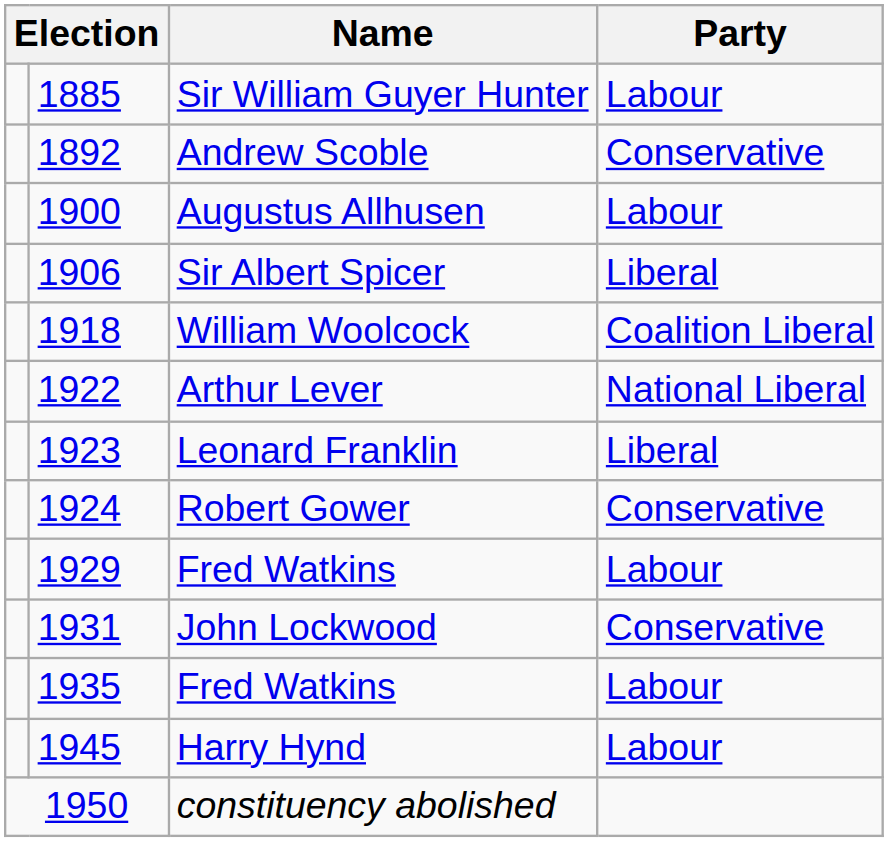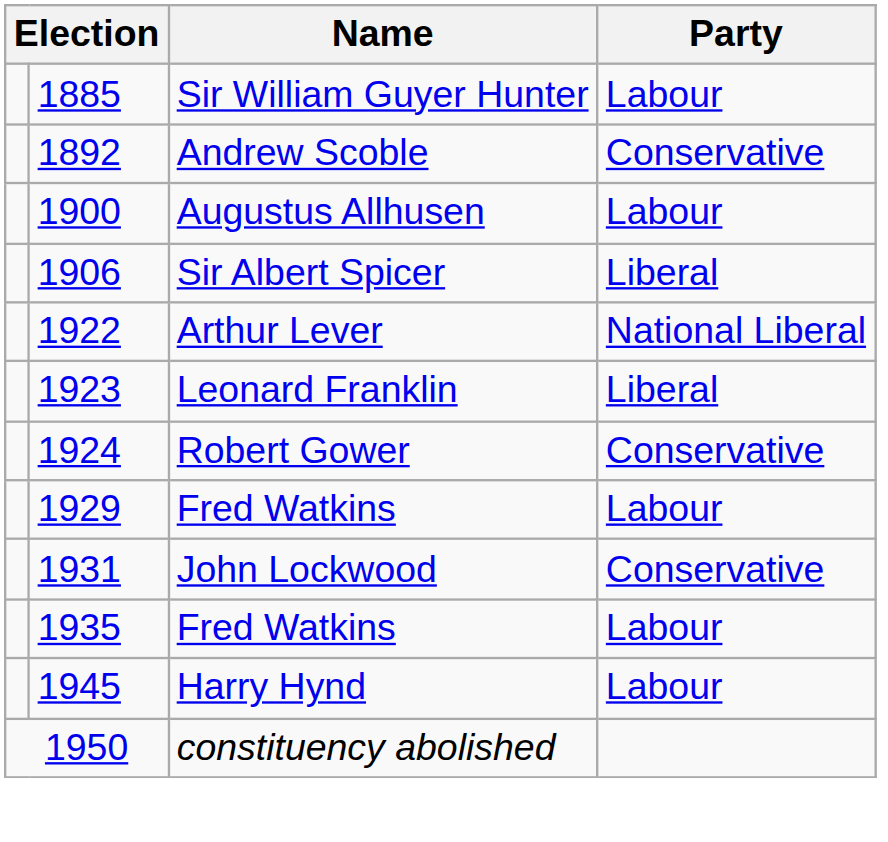 <table class="wikitable">
 <tr>
 <th colspan="2">Election</th>
 <th>Name</th>
 <th>Party</th>
 </tr>
 <tr>
 <td style="color:inherit;background-color: "></td>
 <td><a href='#'>1885</a></td>
 <td><a href='#'>Sir William Guyer Hunter</a></td>
 <td><a href='#'>Labour</a></td>
 </tr>
 <tr>
 <td style="color:inherit;background-color: "></td>
 <td><a href='#'>1892</a></td>
 <td><a href='#'>Andrew Scoble</a></td>
 <td><a href='#'>Conservative</a></td>
 </tr>
 <tr>
 <td style="color:inherit;background-color: "></td>
 <td><a href='#'>1900</a></td>
 <td><a href='#'>Augustus Allhusen</a></td>
 <td><a href='#'>Labour</a></td>
 </tr>
 <tr>
 <td style="color:inherit;background-color: "></td>
 <td><a href='#'>1906</a></td>
 <td><a href='#'>Sir Albert Spicer</a></td>
 <td><a href='#'>Liberal</a></td>
-</tr>
-<tr>
-<td style="color:inherit;background-color: "></td>
-<td><a href='#'>1918</a></td>
-<td><a href='#'>William Woolcock</a></td>
-<td><a href='#'>Coalition Liberal</a></td>
 </tr>
 <tr>
 <td style="color:inherit;background-color: "></td>
 <td><a href='#'>1922</a></td>
 <td><a href='#'>Arthur Lever</a></td>
 <td><a href='#'>National Liberal</a></td>
 </tr>
 <tr>
 <td style="color:inherit;background-color: "></td>
 <td><a href='#'>1923</a></td>
 <td><a href='#'>Leonard Franklin</a></td>
 <td><a href='#'>Liberal</a></td>
 </tr>
 <tr>
 <td style="color:inherit;background-color: "></td>
 <td><a href='#'>1924</a></td>
 <td><a href='#'>Robert Gower</a></td>
 <td><a href='#'>Conservative</a></td>
 </tr>
 <tr>
 <td style="color:inherit;background-color: "></td>
 <td><a href='#'>1929</a></td>
 <td><a href='#'>Fred Watkins</a></td>
 <td><a href='#'>Labour</a></td>
 </tr>
 <tr>
 <td style="color:inherit;background-color: "></td>
 <td><a href='#'>1931</a></td>
 <td><a href='#'>John Lockwood</a></td>
 <td><a href='#'>Conservative</a></td>
 </tr>
 <tr>
 <td style="color:inherit;background-color: "></td>
 <td><a href='#'>1935</a></td>
 <td><a href='#'>Fred Watkins</a></td>
 <td><a href='#'>Labour</a></td>
 </tr>
 <tr>
 <td style="color:inherit;background-color: "></td>
 <td><a href='#'>1945</a></td>
 <td><a href='#'>Harry Hynd</a></td>
 <td><a href='#'>Labour</a></td>
 </tr>
 <tr>
 <td colspan="2" align="center"><a href='#'>1950</a></td>
 <td><em>constituency abolished</em></td>
 </tr>
 </table>
